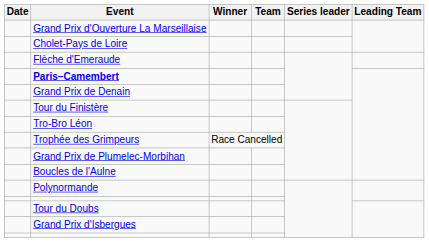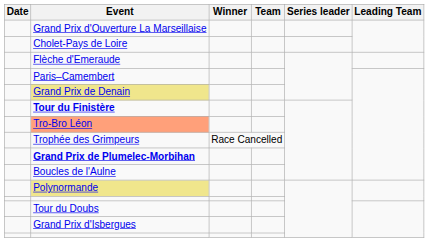 <table class="wikitable sortable">
 <tr>
 <th>Date</th>
 <th>Event</th>
 <th>Winner</th>
 <th>Team</th>
 <th class="unsortable">Series leader</th>
 <th class="unsortable">Leading Team</th>
 </tr>
 <tr>
 <td></td>
 <td><a href='#'>Grand Prix d'Ouverture La Marseillaise</a></td>
 <td></td>
 <td></td>
 <td></td>
 <td rowspan="2"></td>
 </tr>
 <tr>
 <td></td>
 <td><a href='#'>Cholet-Pays de Loire</a></td>
 <td></td>
 <td></td>
 <td><br></td>
 </tr>
 <tr>
 <td></td>
 <td><a href='#'>Flèche d'Emeraude</a></td>
 <td></td>
 <td></td>
 <td rowspan="3"></td>
 <td></td>
 </tr>
 <tr>
 <td></td>
-<td><strong><a href='#'>Paris–Camembert</a></strong></td>
+<td><a href='#'>Paris–Camembert</a></td>
 <td></td>
 <td></td>
 <td rowspan="7"></td>
 </tr>
 <tr>
 <td></td>
-<td><a href='#'>Grand Prix de Denain</a></td>
+<td style="background: khaki;"><a href='#'>Grand Prix de Denain</a></td>
 <td></td>
 <td></td>
 </tr>
 <tr>
 <td></td>
-<td><a href='#'>Tour du Finistère</a></td>
+<td><strong><a href='#'>Tour du Finistère</a></strong></td>
 <td></td>
 <td></td>
 <td rowspan="5"></td>
 </tr>
 <tr>
 <td></td>
-<td><a href='#'>Tro-Bro Léon</a></td>
+<td style="background: lightsalmon;"><a href='#'>Tro-Bro Léon</a></td>
 <td></td>
 <td></td>
 </tr>
 <tr>
 <td></td>
 <td><a href='#'>Trophée des Grimpeurs</a></td>
 <td colspan="2" align=center>Race Cancelled</td>
 </tr>
 <tr>
 <td></td>
-<td><a href='#'>Grand Prix de Plumelec-Morbihan</a></td>
+<td><strong><a href='#'>Grand Prix de Plumelec-Morbihan</a></strong></td>
 <td></td>
 <td></td>
 </tr>
 <tr>
 <td></td>
 <td><a href='#'>Boucles de l'Aulne</a></td>
 <td></td>
 <td></td>
 </tr>
 <tr>
 <td></td>
-<td><a href='#'>Polynormande</a></td>
+<td style="background: khaki;"><a href='#'>Polynormande</a></td>
 <td></td>
 <td></td>
 <td rowspan="5"></td>
 <td rowspan="2"></td>
 </tr>
 <tr>
 <td></td>
 <td></td>
 <td></td>
 <td></td>
 </tr>
 <tr>
 <td></td>
 <td><a href='#'>Tour du Doubs</a></td>
 <td></td>
 <td></td>
 <td rowspan="3"></td>
 </tr>
 <tr>
 <td></td>
 <td><a href='#'>Grand Prix d'Isbergues</a></td>
 <td></td>
 <td></td>
 </tr>
 <tr>
 <td></td>
 <td></td>
 <td></td>
 <td></td>
 </tr>
 </table>
